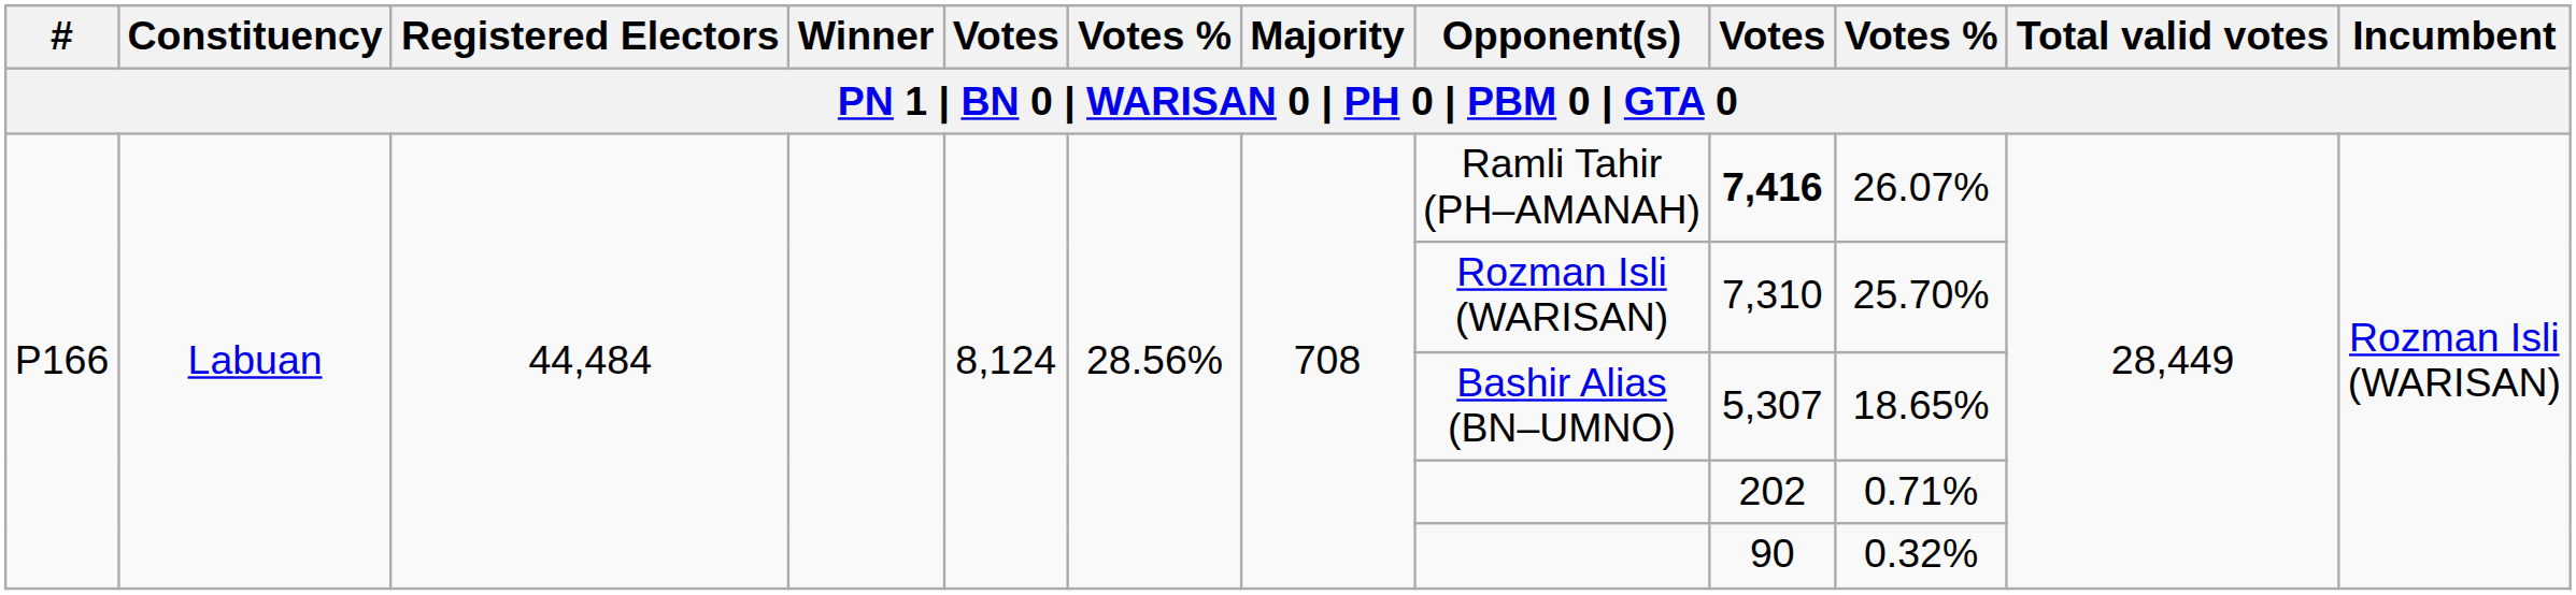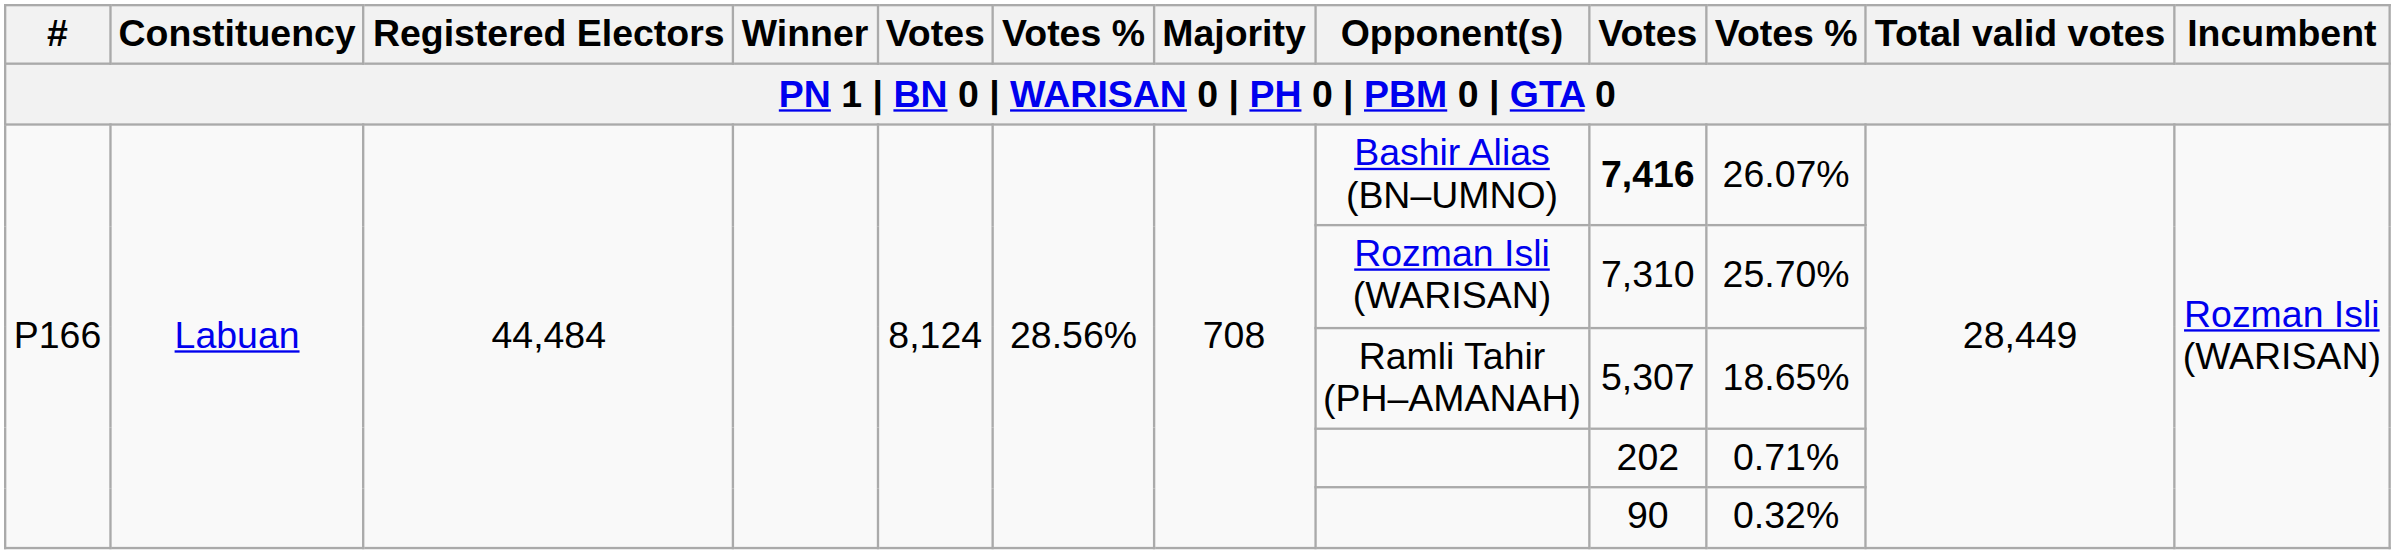 <table class="wikitable sortable" style">
 <tr>
 <th>#</th>
 <th>Constituency</th>
 <th>Registered Electors</th>
 <th>Winner</th>
 <th>Votes</th>
 <th>Votes %</th>
 <th>Majority</th>
 <th>Opponent(s)</th>
 <th>Votes</th>
 <th>Votes %</th>
 <th>Total valid votes</th>
 <th>Incumbent</th>
 </tr>
 <tr>
 <th colspan="13"><a href='#'>PN</a> <strong>1</strong> | <a href='#'>BN</a> <strong>0</strong> | <a href='#'>WARISAN</a> <strong>0</strong>  | <a href='#'>PH</a> <strong>0</strong>  |  <a href='#'>PBM</a> <strong>0</strong> | <a href='#'>GTA</a> <strong>0</strong></th>
 </tr>
 <tr align="center">
 <td rowspan=5>P166</td>
 <td rowspan=5><a href='#'>Labuan</a></td>
 <td rowspan=5>44,484</td>
 <td rowspan=5></td>
 <td rowspan=5>8,124</td>
 <td rowspan=5>28.56%</td>
 <td rowspan=5>708</td>
-<td>Ramli Tahir<br>(PH–AMANAH)</td>
+<td><a href='#'>Bashir Alias</a><br>(BN–UMNO)</td>
 <td><strong>7,416</strong></td>
 <td>26.07%</td>
 <td rowspan=5>28,449</td>
 <td rowspan=5><a href='#'>Rozman Isli</a><br>(WARISAN)</td>
 </tr>
 <tr align="center">
 <td><a href='#'>Rozman Isli</a><br>(WARISAN)</td>
 <td>7,310</td>
 <td>25.70%</td>
 </tr>
 <tr align="center">
-<td><a href='#'>Bashir Alias</a><br>(BN–UMNO)</td>
+<td>Ramli Tahir<br>(PH–AMANAH)</td>
 <td>5,307</td>
 <td>18.65%</td>
 </tr>
 <tr align="center">
 <td></td>
 <td>202</td>
 <td>0.71%</td>
 </tr>
 <tr align="center">
 <td></td>
 <td>90</td>
 <td>0.32%</td>
 </tr>
 </table>
